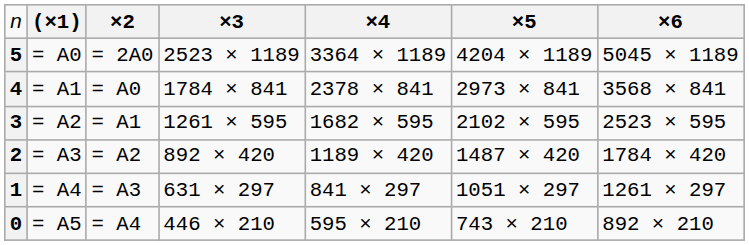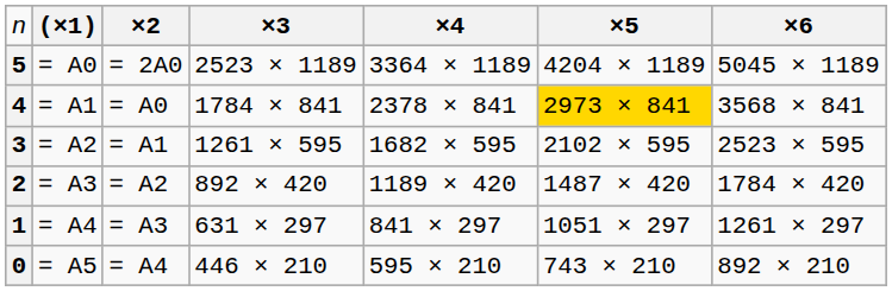 <table class="wikitable">
 <tr>
 <td><em>n</em></td>
 <th>(×1)</th>
 <th>×2</th>
 <th>×3</th>
 <th>×4</th>
 <th>×5</th>
 <th>×6</th>
 </tr>
 <tr>
 <th title="4·4n">5</th>
 <td title="4·4">= A0</td>
 <td title="4·8">= 2A0</td>
 <td title="4·12">2523 × 1189</td>
 <td title="4·16">3364 × 1189</td>
 <td title="4·20">4204 × 1189</td>
 <td title="4·24">5045 × 1189</td>
 </tr>
 <tr>
 <th title="2n·4">4</th>
 <td title="2·4">= A1</td>
 <td title="4·4">= A0</td>
 <td title="6·4">1784 × 841</td>
 <td title="8·4">2378 × 841</td>
-<td title="10·4">2973 × 841</td>
+<td title="10·4" style="background: gold;">2973 × 841</td>
 <td title="12·4">3568 × 841</td>
 </tr>
 <tr>
 <th title="2·2n">3</th>
 <td title="2·2">= A2</td>
 <td title="2·4">= A1</td>
 <td title="2·6">1261 × 595</td>
 <td title="2·8">1682 × 595</td>
 <td title="2·10">2102 × 595</td>
 <td title="2·12">2523 × 595</td>
 </tr>
 <tr>
 <th title="n·2">2</th>
 <td title="1·2">= A3</td>
 <td title="2·2">= A2</td>
 <td title="3·2">892 × 420</td>
 <td title="4·2">1189 × 420</td>
 <td title="5·2">1487 × 420</td>
 <td title="6·2">1784 × 420</td>
 </tr>
 <tr>
 <th title="1·n">1</th>
 <td title="1·1">= A4</td>
 <td title="1·2">= A3</td>
 <td title="1·3">631 × 297</td>
 <td title="1·4">841 × 297</td>
 <td title="1·5">1051 × 297</td>
 <td title="1·6">1261 × 297</td>
 </tr>
 <tr>
 <th>0</th>
 <td>= A5</td>
 <td title="1·1">= A4</td>
 <td>446 × 210</td>
 <td title="2·1">595 × 210</td>
 <td>743 × 210</td>
 <td title="3·1">892 × 210</td>
 </tr>
 </table>
